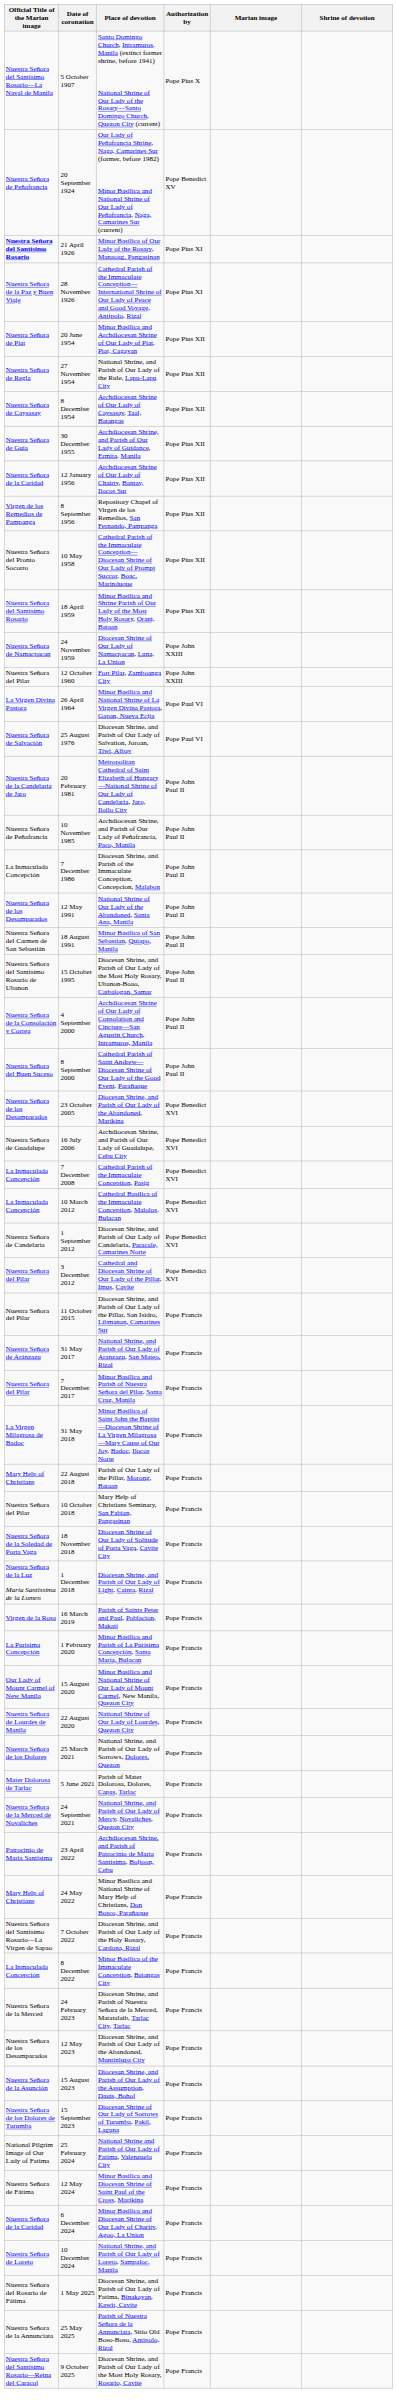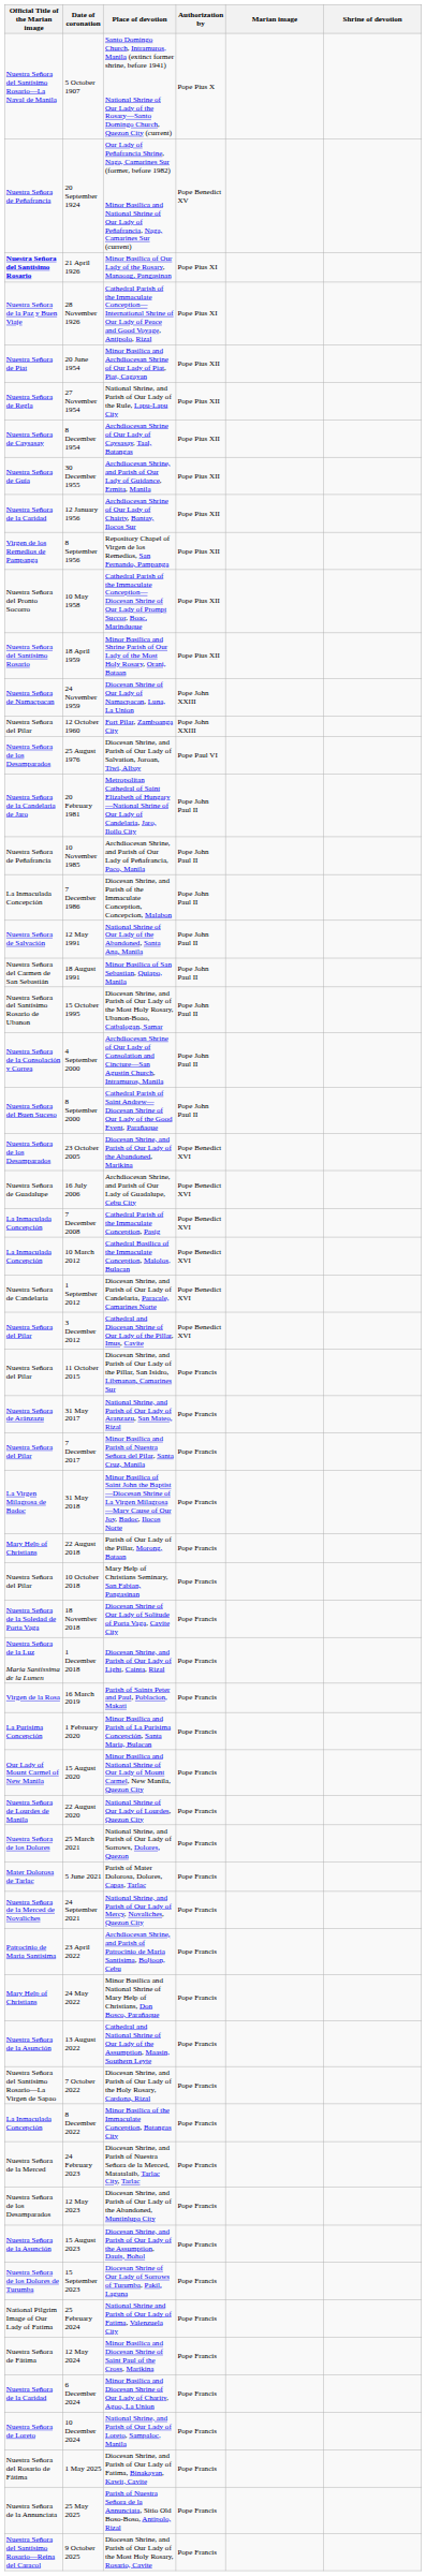 <table class="wikitable sortable" width="100%">
 <tr>
 <th>Official Title of the Marian image</th>
 <th>Date of coronation</th>
 <th>Place of devotion</th>
 <th>Authorization by</th>
 <th width=200px class=unsortable>Marian image</th>
 <th width=200px class=unsortable>Shrine of devotion</th>
 </tr>
 <tr>
 <td><a href='#'>Nuestra Señora del Santísimo Rosario—La Naval de Manila</a></td>
 <td>5 October 1907</td>
 <td><a href='#'>Santo Domingo Church</a>, <a href='#'>Intramuros, Manila</a> (extinct former shrine, before 1941)<br><br><br><br><a href='#'>National Shrine of Our Lady of the Rosary—Santo Domingo Church</a>, <a href='#'>Quezon City</a> (current)</td>
 <td>Pope Pius X</td>
 <td></td>
 <td></td>
 </tr>
 <tr>
 <td><a href='#'>Nuestra Señora de Peñafrancia</a></td>
 <td>20 September 1924</td>
 <td><a href='#'>Our Lady of Peñafrancia Shrine</a>, <a href='#'>Naga, Camarines Sur</a> (former, before 1982)<br><br><br><br><a href='#'>Minor Basilica and National Shrine of Our Lady of Peñafrancia</a>, <a href='#'>Naga, Camarines Sur</a> (current)</td>
 <td>Pope Benedict XV</td>
 <td></td>
 <td></td>
 </tr>
 <tr>
 <td><strong><a href='#'>Nuestra Señora del Santísimo Rosario</a></strong></td>
 <td>21 April 1926</td>
 <td><a href='#'>Minor Basilica of Our Lady of the Rosary</a>, <a href='#'>Manaoag, Pangasinan</a></td>
 <td>Pope Pius XI</td>
 <td></td>
 <td></td>
 </tr>
 <tr>
 <td><a href='#'>Nuestra Señora de la Paz y Buen Viaje</a></td>
 <td>28 November 1926</td>
 <td><a href='#'>Cathedral Parish of the Immaculate Conception—International Shrine of Our Lady of Peace and Good Voyage</a>, <a href='#'>Antipolo</a>, <a href='#'>Rizal</a></td>
 <td>Pope Pius XI</td>
 <td></td>
 <td></td>
 </tr>
 <tr>
 <td><a href='#'>Nuestra Señora de Piat</a></td>
 <td>20 June 1954</td>
 <td><a href='#'>Minor Basilica and Archdiocesan Shrine of Our Lady of Piat</a>, <a href='#'>Piat, Cagayan</a></td>
 <td>Pope Pius XII</td>
 <td></td>
 <td></td>
 </tr>
 <tr>
 <td><a href='#'>Nuestra Señora de Regla</a></td>
 <td>27 November 1954</td>
 <td>National Shrine, and Parish of Our Lady of the Rule, <a href='#'>Lapu-Lapu City</a></td>
 <td>Pope Pius XII</td>
 <td></td>
 <td></td>
 </tr>
 <tr>
 <td><a href='#'>Nuestra Señora de Caysasay</a></td>
 <td>8 December 1954</td>
 <td><a href='#'>Archdiocesan Shrine of Our Lady of Caysasay</a>, <a href='#'>Taal, Batangas</a></td>
 <td>Pope Pius XII</td>
 <td></td>
 <td></td>
 </tr>
 <tr>
 <td><a href='#'>Nuestra Señora de Guía</a></td>
 <td>30 December 1955</td>
 <td><a href='#'>Archdiocesan Shrine, and Parish of Our Lady of Guidance</a>, <a href='#'>Ermita</a>, <a href='#'>Manila</a></td>
 <td>Pope Pius XII</td>
 <td></td>
 <td></td>
 </tr>
 <tr>
 <td><a href='#'>Nuestra Señora de la Caridad</a></td>
 <td>12 January 1956</td>
 <td><a href='#'>Archdiocesan Shrine of Our Lady of Chairty</a>, <a href='#'>Bantay, Ilocos Sur</a></td>
 <td>Pope Pius XII</td>
 <td></td>
 <td></td>
 </tr>
 <tr>
 <td><a href='#'>Virgen de los Remedios de Pampanga</a></td>
 <td>8 September 1956</td>
 <td>Repository Chapel of Virgen de los Remedios, <a href='#'>San Fernando, Pampanga</a></td>
 <td>Pope Pius XII</td>
 <td></td>
 <td></td>
 </tr>
 <tr>
 <td>Nuestra Señora del Pronto Socorro</td>
 <td>10 May 1958</td>
 <td><a href='#'>Cathedral Parish of the Immaculate Conception—Diocesan Shrine of Our Lady of Prompt Succor</a>, <a href='#'>Boac, Marinduque</a></td>
 <td>Pope Pius XII</td>
 <td></td>
 <td></td>
 </tr>
 <tr>
 <td><a href='#'>Nuestra Señora del Santísimo Rosario</a></td>
 <td>18 April 1959</td>
 <td><a href='#'>Minor Basilica and Shrine Parish of Our Lady of the Most Holy Rosary</a>, <a href='#'>Orani, Bataan</a></td>
 <td>Pope Pius XII</td>
 <td></td>
 <td></td>
 </tr>
 <tr>
 <td><a href='#'>Nuestra Señora de Namacpacan</a></td>
 <td>24 November 1959</td>
 <td><a href='#'>Diocesan Shrine of Our Lady of Namacpacan</a>, <a href='#'>Luna, La Union</a></td>
 <td>Pope John XXIII</td>
 <td></td>
 <td></td>
 </tr>
 <tr>
 <td>Nuestra Señora del Pilar</td>
 <td>12 October 1960</td>
 <td><a href='#'>Fort Pilar</a>, <a href='#'>Zamboanga City</a></td>
 <td>Pope John XXIII</td>
 <td></td>
 <td></td>
 </tr>
 <tr>
-<td><a href='#'>La Virgen Divina Pastora</a></td>
-<td>26 April 1964</td>
-<td><a href='#'>Minor Basilica and National Shrine of La Virgen Divina Pastora</a>, <a href='#'>Gapan, Nueva Ecija</a></td>
-<td>Pope Paul VI</td>
-<td></td>
-<td></td>
-</tr>
-<tr>
-<td><a href='#'>Nuestra Señora de Salvación</a></td>
+<td><a href='#'>Nuestra Señora de los Desamparados</a></td>
 <td>25 August 1976</td>
 <td>Diocesan Shrine, and Parish of Our Lady of Salvation, Joroan, <a href='#'>Tiwi, Albay</a></td>
 <td>Pope Paul VI</td>
 <td></td>
 <td></td>
 </tr>
 <tr>
 <td><a href='#'>Nuestra Señora de la Candelaria de Jaro</a></td>
 <td>20 February 1981</td>
 <td><a href='#'>Metropolitan Cathedral of Saint Elizabeth of Hungary—National Shrine of Our Lady of Candelaria</a>, <a href='#'>Jaro, Iloilo City</a></td>
 <td>Pope John Paul II</td>
 <td></td>
 <td></td>
 </tr>
 <tr>
 <td>Nuestra Señora de Peñafrancia</td>
 <td>10 November 1985</td>
 <td>Archdiocesan Shrine, and Parish of Our Lady of Peñafrancia, <a href='#'>Paco, Manila</a></td>
 <td>Pope John Paul II</td>
 <td></td>
 <td></td>
 </tr>
 <tr>
 <td>La Inmaculada Concepción</td>
 <td>7 December 1986</td>
 <td>Diocesan Shrine, and Parish of the Immaculate Conception, Concepcion, <a href='#'>Malabon</a></td>
 <td>Pope John Paul II</td>
 <td></td>
 <td></td>
 </tr>
 <tr>
-<td><a href='#'>Nuestra Señora de los Desamparados</a></td>
+<td><a href='#'>Nuestra Señora de Salvación</a></td>
 <td>12 May 1991</td>
 <td><a href='#'>National Shrine of Our Lady of the Abandoned</a>, <a href='#'>Santa Ana, Manila</a></td>
 <td>Pope John Paul II</td>
 <td></td>
 <td></td>
 </tr>
 <tr>
 <td>Nuestra Señora del Carmen de San Sebastián</td>
 <td>18 August 1991</td>
 <td><a href='#'>Minor Basilica of San Sebastian</a>, <a href='#'>Quiapo, Manila</a></td>
 <td>Pope John Paul II</td>
 <td></td>
 <td></td>
 </tr>
 <tr>
 <td>Nuestra Señora del Santísimo Rosario de Ubanon</td>
 <td>15 October 1995</td>
 <td>Diocesan Shrine, and Parish of Our Lady of the Most Holy Rosary, Ubanon-Boao, <a href='#'>Catbalogan, Samar</a></td>
 <td>Pope John Paul II</td>
 <td></td>
 <td></td>
 </tr>
 <tr>
 <td><a href='#'>Nuestra Señora de la Consolación y Correa</a></td>
 <td>4 September 2000</td>
 <td><a href='#'>Archdiocesan Shrine of Our Lady of Consolation and Cincture—San Agustin Church</a>, <a href='#'>Intramuros, Manila</a></td>
 <td>Pope John Paul II</td>
 <td></td>
 <td></td>
 </tr>
 <tr>
 <td><a href='#'>Nuestra Señora del Buen Suceso</a></td>
 <td>8 September 2000</td>
 <td><a href='#'>Cathedral Parish of Saint Andrew—Diocesan Shrine of Our Lady of the Good Event</a>, <a href='#'>Parañaque</a></td>
 <td>Pope John Paul II</td>
 <td></td>
 <td></td>
 </tr>
 <tr>
 <td><a href='#'>Nuestra Señora de los Desamparados</a></td>
 <td>23 October 2005</td>
 <td><a href='#'>Diocesan Shrine, and Parish of Our Lady of the Abandoned</a>, <a href='#'>Marikina</a></td>
 <td>Pope Benedict XVI</td>
 <td></td>
 <td></td>
 </tr>
 <tr>
 <td>Nuestra Señora de Guadalupe</td>
 <td>16 July 2006</td>
 <td>Archdiocesan Shrine, and Parish of Our Lady of Guadalupe, <a href='#'>Cebu City</a></td>
 <td>Pope Benedict XVI</td>
 <td></td>
 <td></td>
 </tr>
 <tr>
 <td><a href='#'>La Inmaculada Concepción</a></td>
 <td>7 December 2008</td>
 <td><a href='#'>Cathedral Parish of the Immaculate Conception</a>, <a href='#'>Pasig</a></td>
 <td>Pope Benedict XVI</td>
 <td></td>
 <td></td>
 </tr>
 <tr>
 <td><a href='#'>La Inmaculada Concepción</a></td>
 <td>10 March 2012</td>
 <td><a href='#'>Cathedral Basilica of the Immaculate Conception</a>, <a href='#'>Malolos, Bulacan</a></td>
 <td>Pope Benedict XVI</td>
 <td></td>
 <td></td>
 </tr>
 <tr>
 <td>Nuestra Señora de Candelaria</td>
 <td>1 September 2012</td>
 <td>Diocesan Shrine, and Parish of Our Lady of Candelaria, <a href='#'>Paracale, Camarines Norte</a></td>
 <td>Pope Benedict XVI</td>
 <td></td>
 <td></td>
 </tr>
 <tr>
 <td><a href='#'>Nuestra Señora del Pilar</a></td>
 <td>3 December 2012</td>
 <td><a href='#'>Cathedral and Diocesan Shrine of Our Lady of the Pillar</a>, <a href='#'>Imus</a>, <a href='#'>Cavite</a></td>
 <td>Pope Benedict XVI</td>
 <td></td>
 <td></td>
 </tr>
 <tr>
 <td>Nuestra Señora del Pilar</td>
 <td>11 October 2015</td>
 <td>Diocesan Shrine, and Parish of Our Lady of the Pillar, San Isidro, <a href='#'>Libmanan, Camarines Sur</a></td>
 <td>Pope Francis</td>
 <td></td>
 <td></td>
 </tr>
 <tr>
 <td><a href='#'>Nuestra Señora de Aránzazu</a></td>
 <td>31 May 2017</td>
 <td><a href='#'>National Shrine, and Parish of Our Lady of Aranzazu</a>, <a href='#'>San Mateo, Rizal</a></td>
 <td>Pope Francis</td>
 <td></td>
 <td></td>
 </tr>
 <tr>
 <td><a href='#'>Nuestra Señora del Pilar</a></td>
 <td>7 December 2017</td>
 <td><a href='#'>Minor Basilica and Parish of Nuestra Señora del Pilar</a>, <a href='#'>Santa Cruz, Manila</a></td>
 <td>Pope Francis</td>
 <td></td>
 <td></td>
 </tr>
 <tr>
 <td><a href='#'>La Virgen Milagrosa de Badoc</a></td>
 <td>31 May 2018</td>
 <td><a href='#'>Minor Basilica of Saint John the Baptist—Diocesan Shrine of La Virgen Milagrosa—Mary Cause of Our Joy</a>, <a href='#'>Badoc</a>, <a href='#'>Ilocos Norte</a></td>
 <td>Pope Francis</td>
 <td></td>
 <td></td>
 </tr>
 <tr>
 <td><a href='#'>Mary Help of Christians</a></td>
 <td>22 August 2018</td>
 <td>Parish of Our Lady of the Pillar, <a href='#'>Morong, Bataan</a></td>
 <td>Pope Francis</td>
 <td></td>
 <td></td>
 </tr>
 <tr>
 <td>Nuestra Señora del Pilar</td>
 <td>10 October 2018</td>
 <td>Mary Help of Christians Seminary, <a href='#'>San Fabian, Pangasinan</a></td>
 <td>Pope Francis</td>
 <td></td>
 <td></td>
 </tr>
 <tr>
 <td><a href='#'>Nuestra Señora de la Soledad de Porta Vaga</a></td>
 <td>18 November 2018</td>
 <td><a href='#'>Diocesan Shrine of Our Lady of Solitude of Porta Vaga</a>, <a href='#'>Cavite City</a></td>
 <td>Pope Francis</td>
 <td></td>
 <td></td>
 </tr>
 <tr>
 <td><a href='#'>Nuestra Señora de la Luz</a><br><br><em>Maria Santissima de la Lumen</em></td>
 <td>1 December 2018</td>
 <td><a href='#'>Diocesan Shrine, and Parish of Our Lady of Light</a>, <a href='#'>Cainta</a>, <a href='#'>Rizal</a></td>
 <td>Pope Francis</td>
 <td></td>
 <td></td>
 </tr>
 <tr>
 <td><a href='#'>Virgen de la Rosa</a></td>
 <td>16 March 2019</td>
 <td><a href='#'>Parish of Saints Peter and Paul</a>, <a href='#'>Poblacion, Makati</a></td>
 <td>Pope Francis</td>
 <td></td>
 <td></td>
 </tr>
 <tr>
 <td><a href='#'>La Purisima Concepción</a></td>
 <td>1 February 2020</td>
 <td><a href='#'>Minor Basilica and Parish of La Purísima Concepción</a>, <a href='#'>Santa Maria, Bulacan</a></td>
 <td>Pope Francis</td>
 <td></td>
 <td></td>
 </tr>
 <tr>
 <td><a href='#'>Our Lady of Mount Carmel of New Manila</a></td>
 <td>15 August 2020</td>
 <td><a href='#'>Minor Basilica and National Shrine of Our Lady of Mount Carmel</a>, New Manila, <a href='#'>Quezon City</a></td>
 <td>Pope Francis</td>
 <td></td>
 <td></td>
 </tr>
 <tr>
 <td><a href='#'>Nuestra Señora de Lourdes de Manila</a></td>
 <td>22 August 2020</td>
 <td><a href='#'>National Shrine of Our Lady of Lourdes</a>, <a href='#'>Quezon City</a></td>
 <td>Pope Francis</td>
 <td></td>
 <td></td>
 </tr>
 <tr>
 <td><a href='#'>Nuestra Señora de los Dolores</a></td>
 <td>25 March 2021</td>
 <td>National Shrine, and Parish of Our Lady of Sorrows, <a href='#'>Dolores, Quezon</a></td>
 <td>Pope Francis</td>
 <td></td>
 <td></td>
 </tr>
 <tr>
 <td><a href='#'>Mater Dolorosa de Tarlac</a></td>
 <td>5 June 2021</td>
 <td>Parish of Mater Dolorosa, Dolores, <a href='#'>Capas</a>, <a href='#'>Tarlac</a></td>
 <td>Pope Francis</td>
 <td></td>
 <td></td>
 </tr>
 <tr>
 <td><a href='#'>Nuestra Señora de la Merced de Novaliches</a></td>
 <td>24 September 2021</td>
 <td><a href='#'>National Shrine, and Parish of Our Lady of Mercy</a>, <a href='#'>Novaliches</a>, <a href='#'>Quezon City</a></td>
 <td>Pope Francis</td>
 <td></td>
 <td></td>
 </tr>
 <tr>
 <td><a href='#'>Patrocinio de Maria Santísima</a></td>
 <td>23 April 2022</td>
 <td><a href='#'>Archdiocesan Shrine, and Parish of Patrocinio de Maria Santisima</a>, <a href='#'>Boljoon, Cebu</a></td>
 <td>Pope Francis</td>
 <td></td>
 <td></td>
 </tr>
 <tr>
 <td><a href='#'>Mary Help of Christians</a></td>
 <td>24 May 2022</td>
 <td>Minor Basilica and National Shrine of Mary Help of Christians, <a href='#'>Don Bosco, Parañaque</a></td>
 <td>Pope Francis</td>
 <td></td>
 <td></td>
 </tr>
 <tr>
+<td><a href='#'>Nuestra Señora de la Asunción</a></td>
+<td>13 August 2022</td>
+<td><a href='#'>Cathedral and National Shrine of Our Lady of the Assumption</a>, <a href='#'>Maasin, Southern Leyte</a></td>
+<td>Pope Francis</td>
+<td></td>
+<td></td>
+</tr>
+<tr>
 <td>Nuestra Señora del Santísimo Rosario—La Virgen de Sapao</td>
 <td>7 October 2022</td>
 <td>Diocesan Shrine, and Parish of Our Lady of the Holy Rosary, <a href='#'>Cardona, Rizal</a></td>
 <td>Pope Francis</td>
 <td></td>
 <td></td>
 </tr>
 <tr>
 <td><a href='#'>La Inmaculada Concepción</a></td>
 <td>8 December 2022</td>
 <td><a href='#'>Minor Basilica of the Immaculate Conception</a>, <a href='#'>Batangas City</a></td>
 <td>Pope Francis</td>
 <td></td>
 <td></td>
 </tr>
 <tr>
 <td>Nuestra Señora de la Merced</td>
 <td>24 February 2023</td>
 <td>Diocesan Shrine, and Parish of Nuestra Señora de la Merced, Matatalaib, <a href='#'>Tarlac City</a>, <a href='#'>Tarlac</a></td>
 <td>Pope Francis</td>
 <td></td>
 <td></td>
 </tr>
 <tr>
 <td>Nuestra Señora de los Desamparados</td>
 <td>12 May 2023</td>
 <td>Diocesan Shrine, and Parish of Our Lady of the Abandoned, <a href='#'>Muntinlupa City</a></td>
 <td>Pope Francis</td>
 <td></td>
 <td></td>
 </tr>
 <tr>
 <td><a href='#'>Nuestra Señora de la Asunción</a></td>
 <td>15 August 2023</td>
 <td><a href='#'>Diocesan Shrine, and Parish of Our Lady of the Assumption</a>, <a href='#'>Dauis, Bohol</a></td>
 <td>Pope Francis</td>
 <td></td>
 <td></td>
 </tr>
 <tr>
 <td><a href='#'>Nuestra Señora de los Dolores de Turumba</a></td>
 <td>15 September 2023</td>
 <td><a href='#'>Diocesan Shrine of Our Lady of Sorrows of Turumba</a>, <a href='#'>Pakil, Laguna</a></td>
 <td>Pope Francis</td>
 <td></td>
 <td></td>
 </tr>
 <tr>
 <td>National Pilgrim Image of Our Lady of Fatima</td>
 <td>25 February 2024</td>
 <td><a href='#'>National Shrine and Parish of Our Lady of Fatima</a>, <a href='#'>Valenzuela City</a></td>
 <td>Pope Francis</td>
 <td></td>
 <td></td>
 </tr>
 <tr>
 <td>Nuestra Señora de Fátima</td>
 <td>12 May 2024</td>
 <td><a href='#'>Minor Basilica and Diocesan Shrine of Saint Paul of the Cross</a>, <a href='#'>Marikina</a></td>
 <td>Pope Francis</td>
 <td></td>
 <td></td>
 </tr>
 <tr>
 <td><a href='#'>Nuestra Señora de la Caridad</a></td>
 <td>6 December 2024</td>
 <td><a href='#'>Minor Basilica and Diocesan Shrine of Our Lady of Charity</a>, <a href='#'>Agoo, La Union</a></td>
 <td>Pope Francis</td>
 <td></td>
 <td></td>
 </tr>
 <tr>
 <td><a href='#'>Nuestra Señora de Loreto</a></td>
 <td>10 December 2024</td>
 <td><a href='#'>National Shrine, and Parish of Our Lady of Loreto</a>, <a href='#'>Sampaloc, Manila</a></td>
 <td>Pope Francis</td>
 <td></td>
 <td></td>
 </tr>
 <tr>
 <td>Nuestra Señora del Rosario de Fátima</td>
 <td>1 May 2025</td>
 <td>Diocesan Shrine, and Parish of Our Lady of Fatima, <a href='#'>Binakayan</a>, <a href='#'>Kawit, Cavite</a></td>
 <td>Pope Francis</td>
 <td></td>
 <td></td>
 </tr>
 <tr>
 <td>Nuestra Señora de la Annunciata</td>
 <td>25 May 2025</td>
 <td><a href='#'>Parish of Nuestra Señora de la Annunciata</a>, Sitio Old Boso-Boso, <a href='#'>Antipolo, Rizal</a></td>
 <td>Pope Francis</td>
 <td></td>
 <td></td>
 </tr>
 <tr>
 <td><a href='#'>Nuestra Señora del Santísimo Rosario—Reina del Caracol</a></td>
 <td>9 October 2025</td>
 <td>Diocesan Shrine, and Parish of Our Lady of the Most Holy Rosary, <a href='#'>Rosario, Cavite</a></td>
 <td>Pope Francis</td>
 <td></td>
 <td></td>
 </tr>
 </table>
